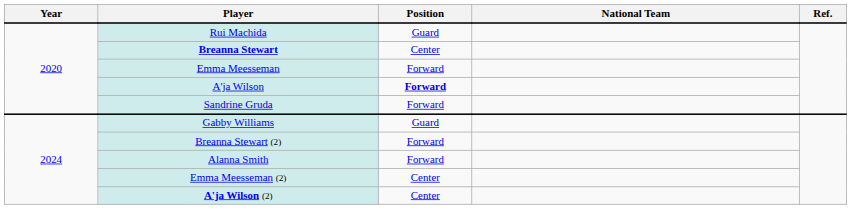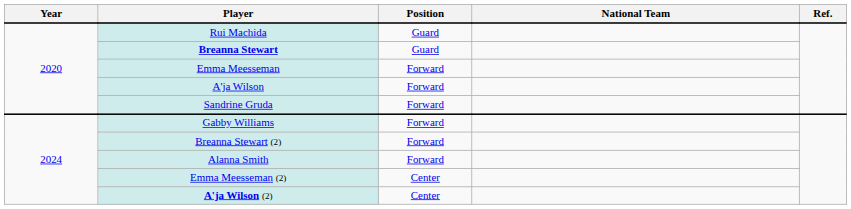 <table class="wikitable" style="width: 70%; text-align:center; font-size:90%">
 <tr>
 <th width=10%>Year</th>
 <th width=30%>Player</th>
 <th width=10%>Position</th>
 <th width=35%>National Team</th>
 <th width=5%>Ref.</th>
 </tr>
 <tr style = "border-top:2px solid black;">
 <td rowspan=5><a href='#'>2020</a></td>
 <td style="background-color:#CFECEC; align=center"><a href='#'>Rui Machida</a></td>
 <td align=center><a href='#'>Guard</a></td>
 <td align=center></td>
 <td rowspan=5></td>
 </tr>
 <tr>
 <td style="background-color:#CFECEC; align=center"><strong><a href='#'>Breanna Stewart</a></strong></td>
-<td align=center><a href='#'>Center</a></td>
+<td align=center><a href='#'>Guard</a></td>
 <td align=center></td>
 </tr>
 <tr>
 <td style="background-color:#CFECEC; align=center"><a href='#'>Emma Meesseman</a></td>
 <td align=center><a href='#'>Forward</a></td>
 <td align=center></td>
 </tr>
 <tr>
 <td style="background-color:#CFECEC; align=center"><a href='#'>A'ja Wilson</a></td>
-<td align=center><strong><a href='#'>Forward</a></strong></td>
+<td align=center><a href='#'>Forward</a></td>
 <td align=center></td>
 </tr>
 <tr>
 <td style="background-color:#CFECEC; align=center"><a href='#'>Sandrine Gruda</a></td>
 <td align=center><a href='#'>Forward</a></td>
 <td align=center></td>
 </tr>
 <tr style = "border-top:2px solid black;">
 <td rowspan=5><a href='#'>2024</a></td>
 <td style="background-color:#CFECEC; align=center"><a href='#'>Gabby Williams</a></td>
-<td align=center><a href='#'>Guard</a></td>
+<td align=center><a href='#'>Forward</a></td>
 <td align=center></td>
 <td rowspan=5></td>
 </tr>
 <tr>
 <td style="background-color:#CFECEC; align=center"><a href='#'>Breanna Stewart</a> <small>(2)</small></td>
 <td align=center><a href='#'>Forward</a></td>
 <td align=center></td>
 </tr>
 <tr>
 <td style="background-color:#CFECEC; align=center"><a href='#'>Alanna Smith</a></td>
 <td align=center><a href='#'>Forward</a></td>
 <td align=center></td>
 </tr>
 <tr>
 <td style="background-color:#CFECEC; align=center"><a href='#'>Emma Meesseman</a> <small>(2)</small></td>
 <td align=center><a href='#'>Center</a></td>
 <td align=center></td>
 </tr>
 <tr>
 <td style="background-color:#CFECEC; align=center"><strong><a href='#'>A'ja Wilson</a></strong> <small>(2)</small></td>
 <td align=center><a href='#'>Center</a></td>
 <td align=center></td>
 </tr>
 </table>
